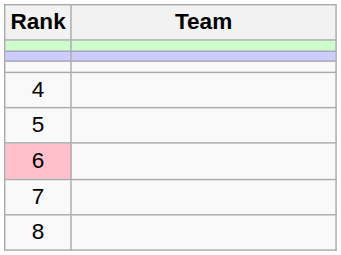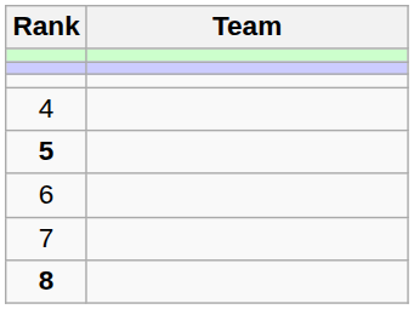 <table class="wikitable" style="text-align:center">
 <tr>
 <th width=40>Rank</th>
 <th width=180>Team</th>
 </tr>
 <tr bgcolor=#ccffcc>
 <td></td>
 <td align=left></td>
 </tr>
 <tr bgcolor=#ccccff>
 <td></td>
 <td align=left></td>
 </tr>
 <tr>
 <td></td>
 <td align=left></td>
 </tr>
 <tr>
 <td>4</td>
 <td align=left></td>
 </tr>
 <tr>
-<td>5</td>
+<td><strong>5</strong></td>
 <td align=left></td>
 </tr>
 <tr>
-<td style="background: pink;">6</td>
+<td>6</td>
 <td align=left></td>
 </tr>
 <tr>
 <td>7</td>
 <td align=left></td>
 </tr>
 <tr>
-<td>8</td>
+<td><strong>8</strong></td>
 <td align=left></td>
 </tr>
 </table>
